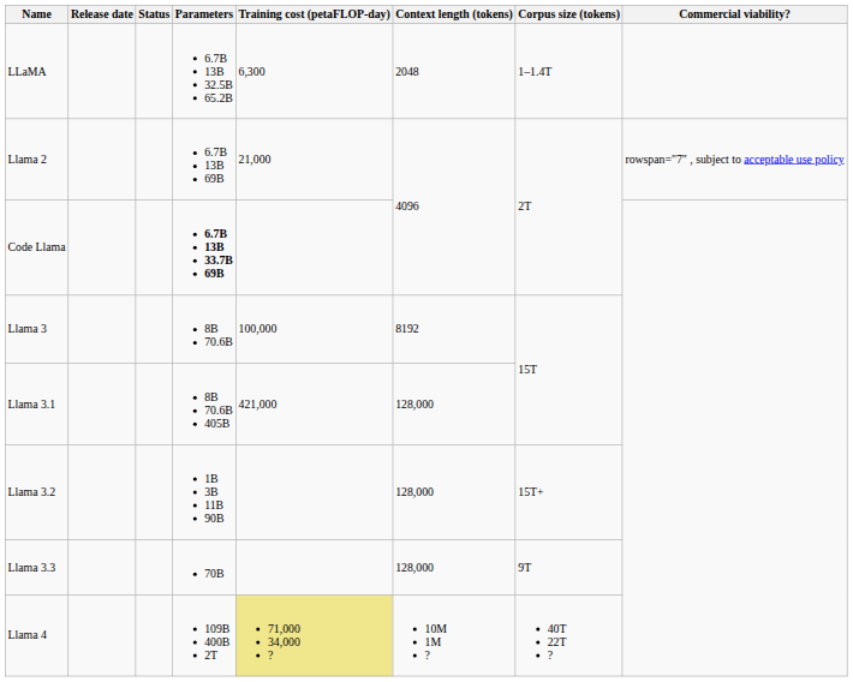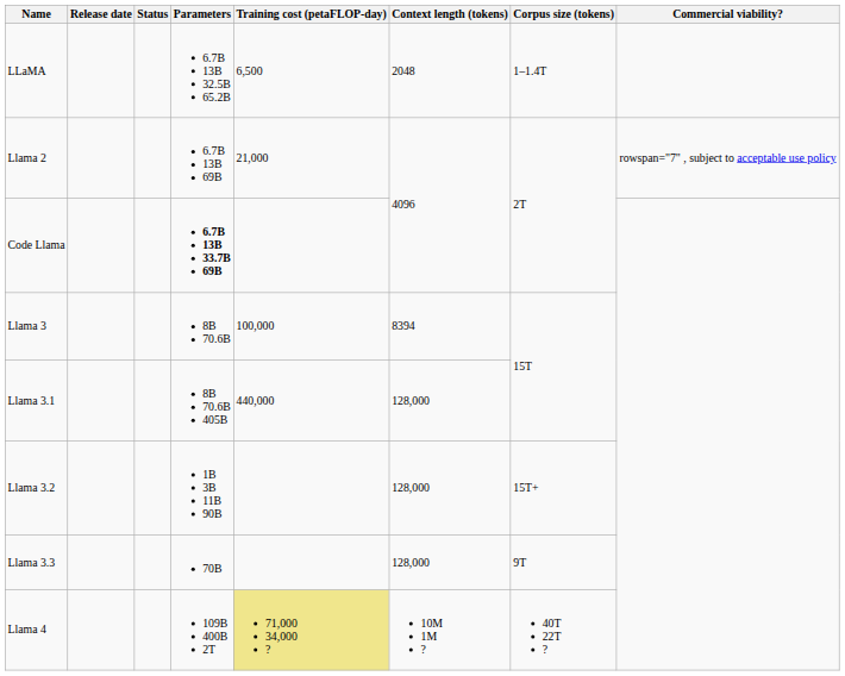 <table class="wikitable sortable">
 <tr>
 <th>Name</th>
 <th>Release date</th>
 <th>Status</th>
 <th>Parameters</th>
 <th>Training cost (petaFLOP-day)</th>
 <th>Context length (tokens)</th>
 <th>Corpus size (tokens)</th>
 <th>Commercial viability?</th>
 </tr>
 <tr>
 <td>LLaMA</td>
 <td></td>
 <td></td>
 <td><br><ul><li>6.7B</li><li>13B</li><li>32.5B</li><li>65.2B</li></ul></td>
-<td>6,300</td>
+<td>6,500</td>
 <td>2048</td>
 <td>1–1.4T</td>
 <td></td>
 </tr>
 <tr>
 <td>Llama 2</td>
 <td></td>
 <td></td>
 <td><br><ul><li>6.7B</li><li>13B</li><li>69B</li></ul></td>
 <td>21,000</td>
 <td rowspan="2">4096</td>
 <td rowspan="2">2T</td>
 <td>rowspan="7" , subject to <a href='#'>acceptable use policy</a></td>
 </tr>
 <tr>
 <td>Code Llama</td>
 <td></td>
 <td></td>
 <td><strong><br><ul><li>6.7B</li><li>13B</li><li>33.7B</li><li>69B</li></ul></strong></td>
 <td></td>
 </tr>
 <tr>
 <td>Llama 3</td>
 <td></td>
 <td></td>
 <td><br><ul><li>8B</li><li>70.6B</li></ul></td>
 <td>100,000</td>
-<td>8192</td>
+<td>8394</td>
 <td rowspan="2">15T</td>
 </tr>
 <tr>
 <td>Llama 3.1</td>
 <td></td>
 <td></td>
 <td><br><ul><li>8B</li><li>70.6B</li><li>405B</li></ul></td>
-<td>421,000</td>
+<td>440,000</td>
 <td>128,000</td>
 </tr>
 <tr>
 <td>Llama 3.2</td>
 <td></td>
 <td></td>
 <td><br><ul><li>1B</li><li>3B</li><li>11B</li><li>90B</li></ul></td>
 <td></td>
 <td>128,000</td>
 <td>15T+</td>
 </tr>
 <tr>
 <td>Llama 3.3</td>
 <td></td>
 <td></td>
 <td><br><ul><li>70B</li></ul></td>
 <td></td>
 <td>128,000</td>
 <td>9T</td>
 </tr>
 <tr>
 <td>Llama 4</td>
 <td></td>
 <td></td>
 <td><br><ul><li>109B</li><li>400B</li><li>2T</li></ul></td>
 <td style="background: khaki;"><br><ul><li>71,000</li><li>34,000</li><li>?</li></ul></td>
 <td><br><ul><li>10M</li><li>1M</li><li>?</li></ul></td>
 <td><br><ul><li>40T</li><li>22T</li><li>?</li></ul></td>
 </tr>
 </table>
